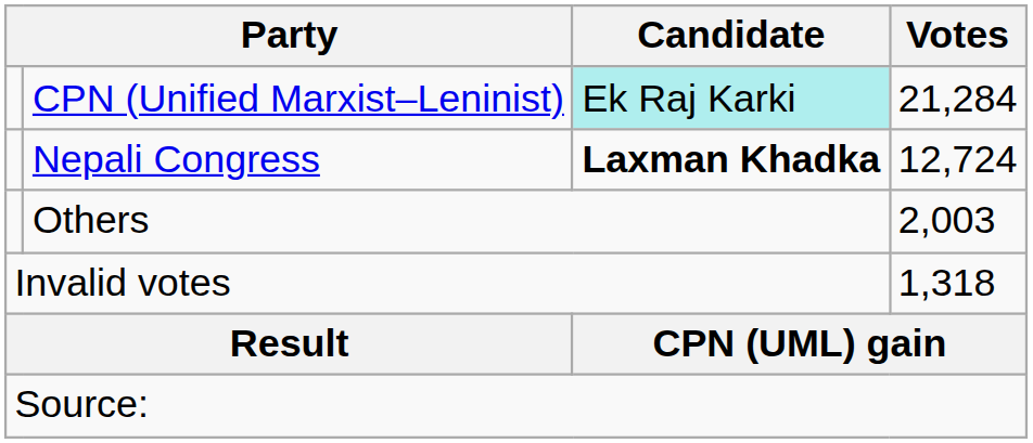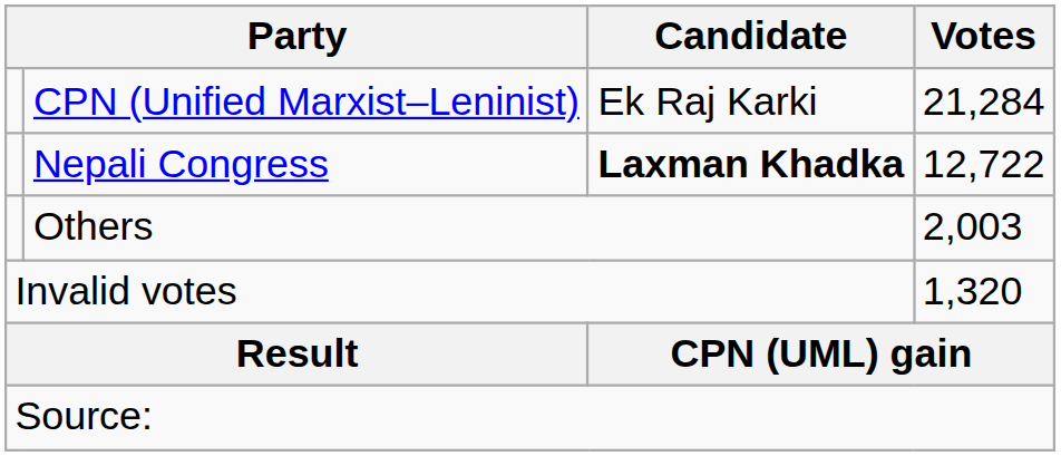 <table class="wikitable">
 <tr>
 <th colspan="2">Party</th>
 <th>Candidate</th>
 <th>Votes</th>
 </tr>
 <tr>
 <td style="background-color:"></td>
 <td><a href='#'>CPN (Unified Marxist–Leninist)</a></td>
-<td style="background: paleturquoise;">Ek Raj Karki</td>
+<td>Ek Raj Karki</td>
 <td>21,284</td>
 </tr>
 <tr>
 <td style="background-color:"></td>
 <td><a href='#'>Nepali Congress</a></td>
 <td><strong>Laxman Khadka</strong></td>
-<td>12,724</td>
+<td>12,722</td>
 </tr>
 <tr>
 <td></td>
 <td colspan="2">Others</td>
 <td>2,003</td>
 </tr>
 <tr>
 <td colspan="3">Invalid votes</td>
-<td>1,318</td>
+<td>1,320</td>
 </tr>
 <tr>
 <th colspan="2">Result</th>
 <th colspan="2">CPN (UML) gain</th>
 </tr>
 <tr>
 <td colspan="4">Source: </td>
 </tr>
 </table>
